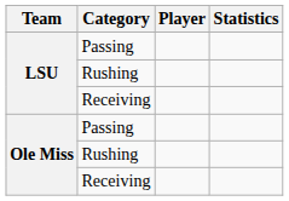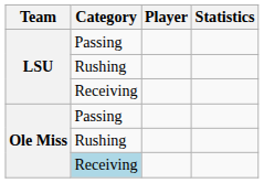 <table class="wikitable" style="float:right">
 <tr>
 <th>Team</th>
 <th>Category</th>
 <th>Player</th>
 <th>Statistics</th>
 </tr>
 <tr>
 <th rowspan=3>LSU</th>
 <td>Passing</td>
 <td></td>
 <td></td>
 </tr>
 <tr>
 <td>Rushing</td>
 <td></td>
 <td></td>
 </tr>
 <tr>
 <td>Receiving</td>
 <td></td>
 <td></td>
 </tr>
 <tr>
 <th rowspan=3>Ole Miss</th>
 <td>Passing</td>
 <td></td>
 <td></td>
 </tr>
 <tr>
 <td>Rushing</td>
 <td></td>
 <td></td>
 </tr>
 <tr>
-<td>Receiving</td>
+<td style="background: lightblue;">Receiving</td>
 <td></td>
 <td></td>
 </tr>
 </table>
